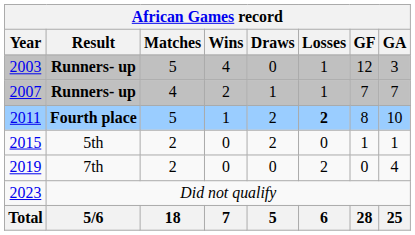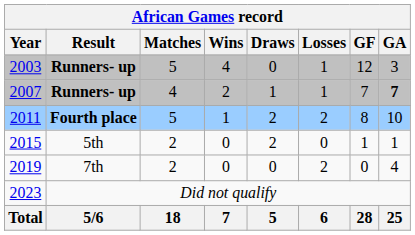 <table class="wikitable" style="text-align: center;">
 <tr>
 <th colspan=8><a href='#'>African Games</a> record</th>
 </tr>
 <tr>
 <th>Year</th>
 <th>Result</th>
 <th>Matches</th>
 <th>Wins</th>
 <th>Draws</th>
 <th>Losses</th>
 <th>GF</th>
 <th>GA</th>
 </tr>
 <tr bgcolor=silver>
 <td> <a href='#'>2003</a></td>
 <td><strong>Runners- up</strong></td>
 <td>5</td>
 <td>4</td>
 <td>0</td>
 <td>1</td>
 <td>12</td>
 <td>3</td>
 </tr>
 <tr bgcolor=silver>
 <td> <a href='#'>2007</a></td>
 <td><strong>Runners- up</strong></td>
 <td>4</td>
 <td>2</td>
 <td>1</td>
 <td>1</td>
 <td>7</td>
-<td>7</td>
+<td><strong>7</strong></td>
 </tr>
 <tr bgcolor=#9acdff>
 <td> <a href='#'>2011</a></td>
 <td><strong>Fourth place</strong></td>
 <td>5</td>
 <td>1</td>
 <td>2</td>
-<td><strong>2</strong></td>
+<td>2</td>
 <td>8</td>
 <td>10</td>
 </tr>
 <tr>
 <td> <a href='#'>2015</a></td>
 <td>5th</td>
 <td>2</td>
 <td>0</td>
 <td>2</td>
 <td>0</td>
 <td>1</td>
 <td>1</td>
 </tr>
 <tr>
 <td> <a href='#'>2019</a></td>
 <td>7th</td>
 <td>2</td>
 <td>0</td>
 <td>0</td>
 <td>2</td>
 <td>0</td>
 <td>4</td>
 </tr>
 <tr>
 <td> <a href='#'>2023</a></td>
 <td colspan=8><em>Did not qualify</em></td>
 </tr>
 <tr>
 <th>Total</th>
 <th>5/6</th>
 <th>18</th>
 <th>7</th>
 <th>5</th>
 <th>6</th>
 <th>28</th>
 <th>25</th>
 </tr>
 </table>
